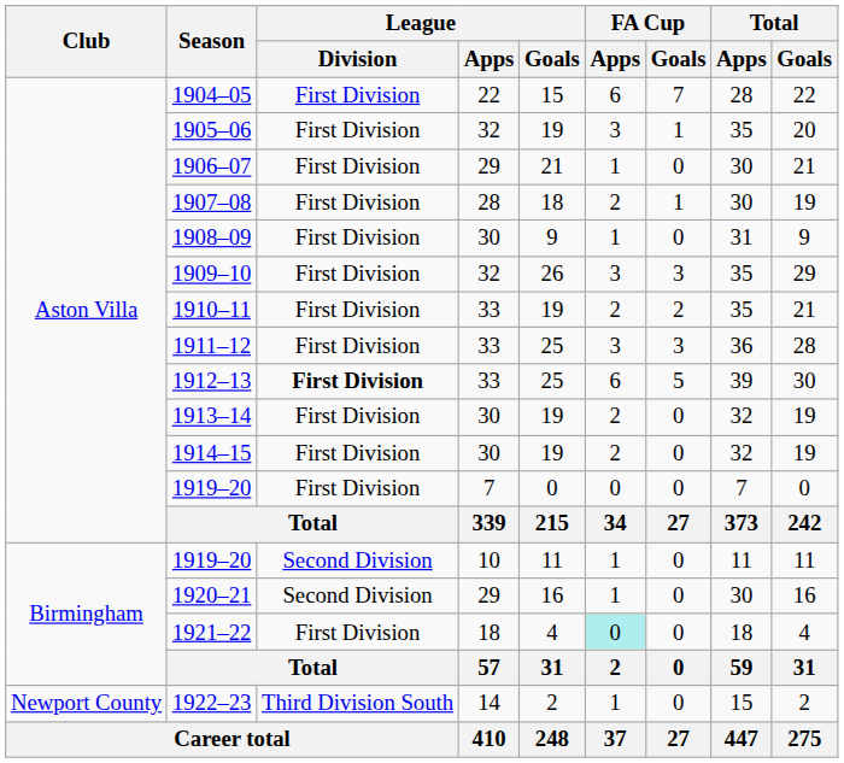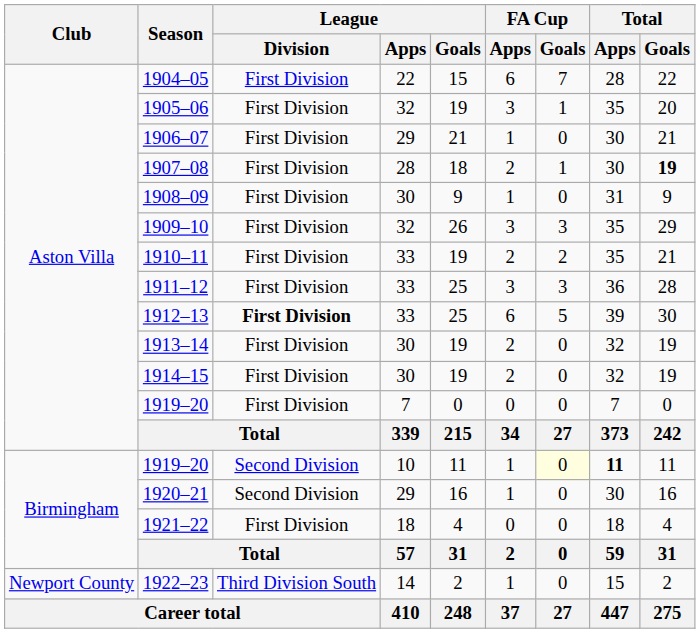 <table class="wikitable" style="text-align: center;">
 <tr>
 <th rowspan=2>Club</th>
 <th rowspan=2>Season</th>
 <th colspan=3>League</th>
 <th colspan=2>FA Cup</th>
 <th colspan=2>Total</th>
 </tr>
 <tr>
 <th>Division</th>
 <th>Apps</th>
 <th>Goals</th>
 <th>Apps</th>
 <th>Goals</th>
 <th>Apps</th>
 <th>Goals</th>
 </tr>
 <tr>
 <td rowspan=13><a href='#'>Aston Villa</a></td>
 <td><a href='#'>1904–05</a></td>
 <td><a href='#'>First Division</a></td>
 <td>22</td>
 <td>15</td>
 <td>6</td>
 <td>7</td>
 <td>28</td>
 <td>22</td>
 </tr>
 <tr>
 <td><a href='#'>1905–06</a></td>
 <td>First Division</td>
 <td>32</td>
 <td>19</td>
 <td>3</td>
 <td>1</td>
 <td>35</td>
 <td>20</td>
 </tr>
 <tr>
 <td><a href='#'>1906–07</a></td>
 <td>First Division</td>
 <td>29</td>
 <td>21</td>
 <td>1</td>
 <td>0</td>
 <td>30</td>
 <td>21</td>
 </tr>
 <tr>
 <td><a href='#'>1907–08</a></td>
 <td>First Division</td>
 <td>28</td>
 <td>18</td>
 <td>2</td>
 <td>1</td>
 <td>30</td>
-<td>19</td>
+<td><strong>19</strong></td>
 </tr>
 <tr>
 <td><a href='#'>1908–09</a></td>
 <td>First Division</td>
 <td>30</td>
 <td>9</td>
 <td>1</td>
 <td>0</td>
 <td>31</td>
 <td>9</td>
 </tr>
 <tr>
 <td><a href='#'>1909–10</a></td>
 <td>First Division</td>
 <td>32</td>
 <td>26</td>
 <td>3</td>
 <td>3</td>
 <td>35</td>
 <td>29</td>
 </tr>
 <tr>
 <td><a href='#'>1910–11</a></td>
 <td>First Division</td>
 <td>33</td>
 <td>19</td>
 <td>2</td>
 <td>2</td>
 <td>35</td>
 <td>21</td>
 </tr>
 <tr>
 <td><a href='#'>1911–12</a></td>
 <td>First Division</td>
 <td>33</td>
 <td>25</td>
 <td>3</td>
 <td>3</td>
 <td>36</td>
 <td>28</td>
 </tr>
 <tr>
 <td><a href='#'>1912–13</a></td>
 <td><strong>First Division</strong></td>
 <td>33</td>
 <td>25</td>
 <td>6</td>
 <td>5</td>
 <td>39</td>
 <td>30</td>
 </tr>
 <tr>
 <td><a href='#'>1913–14</a></td>
 <td>First Division</td>
 <td>30</td>
 <td>19</td>
 <td>2</td>
 <td>0</td>
 <td>32</td>
 <td>19</td>
 </tr>
 <tr>
 <td><a href='#'>1914–15</a></td>
 <td>First Division</td>
 <td>30</td>
 <td>19</td>
 <td>2</td>
 <td>0</td>
 <td>32</td>
 <td>19</td>
 </tr>
 <tr>
 <td><a href='#'>1919–20</a></td>
 <td>First Division</td>
 <td>7</td>
 <td>0</td>
 <td>0</td>
 <td>0</td>
 <td>7</td>
 <td>0</td>
 </tr>
 <tr>
 <th colspan=2>Total</th>
 <th>339</th>
 <th>215</th>
 <th>34</th>
 <th>27</th>
 <th>373</th>
 <th>242</th>
 </tr>
 <tr>
 <td rowspan=4><a href='#'>Birmingham</a></td>
 <td><a href='#'>1919–20</a></td>
 <td><a href='#'>Second Division</a></td>
 <td>10</td>
 <td>11</td>
 <td>1</td>
-<td>0</td>
-<td>11</td>
+<td style="background: lightyellow;">0</td>
+<td><strong>11</strong></td>
 <td>11</td>
 </tr>
 <tr>
 <td><a href='#'>1920–21</a></td>
 <td>Second Division</td>
 <td>29</td>
 <td>16</td>
 <td>1</td>
 <td>0</td>
 <td>30</td>
 <td>16</td>
 </tr>
 <tr>
 <td><a href='#'>1921–22</a></td>
 <td>First Division</td>
 <td>18</td>
 <td>4</td>
-<td style="background: paleturquoise;">0</td>
+<td>0</td>
 <td>0</td>
 <td>18</td>
 <td>4</td>
 </tr>
 <tr>
 <th colspan=2>Total</th>
 <th>57</th>
 <th>31</th>
 <th>2</th>
 <th>0</th>
 <th>59</th>
 <th>31</th>
 </tr>
 <tr>
 <td><a href='#'>Newport County</a></td>
 <td><a href='#'>1922–23</a></td>
 <td><a href='#'>Third Division South</a></td>
 <td>14</td>
 <td>2</td>
 <td>1</td>
 <td>0</td>
 <td>15</td>
 <td>2</td>
 </tr>
 <tr>
 <th colspan=3>Career total</th>
 <th>410</th>
 <th>248</th>
 <th>37</th>
 <th>27</th>
 <th>447</th>
 <th>275</th>
 </tr>
 </table>
